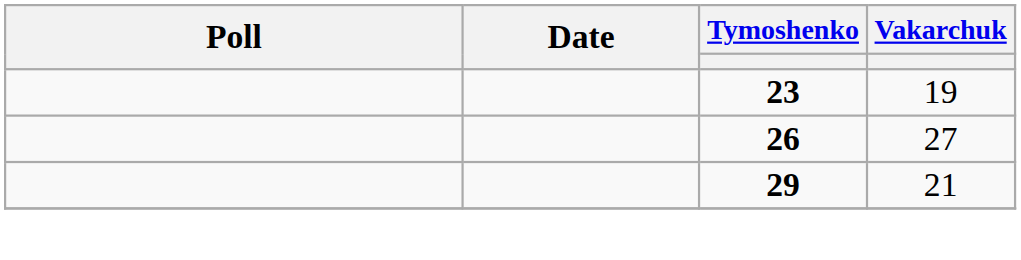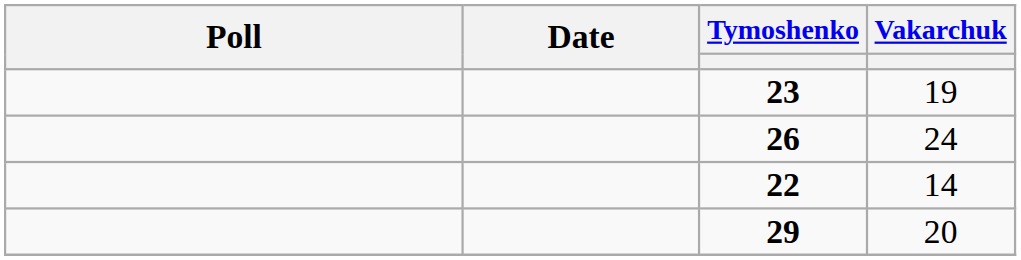 <table class="wikitable" style="text-align:center;font-size:95%;line-height:14px;">
 <tr>
 <th rowspan=2 style="width:200px;">Poll</th>
 <th rowspan=2 style="width:100px;">Date</th>
 <th><small><a href='#'>Tymoshenko</a></small><br></th>
 <th><small><a href='#'>Vakarchuk</a></small><br></th>
 </tr>
 <tr>
 <th style="background:"></th>
 <th style="background:"></th>
 </tr>
 <tr>
 <td></td>
 <td></td>
 <td style="background-color:#"><strong>23</strong></td>
 <td>19</td>
 </tr>
 <tr>
 <td> </td>
 <td></td>
 <td style="background-color:#"><strong>26</strong></td>
-<td>27</td>
+<td>24</td>
+</tr>
+<tr>
+<td></td>
+<td></td>
+<td style="background-color:#"><strong>22</strong></td>
+<td>14</td>
 </tr>
 <tr>
 <td> </td>
 <td></td>
 <td style="background-color:#"><strong>29</strong></td>
-<td>21</td>
+<td>20</td>
 </tr>
 <tr>
 </tr>
 </table>
